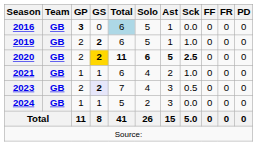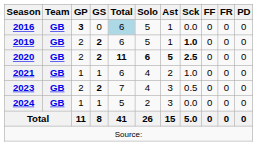 <table class="wikitable" style="text-align: center;">
 <tr>
 <th>Season</th>
 <th>Team</th>
 <th>GP</th>
 <th>GS</th>
 <th>Total</th>
 <th>Solo</th>
 <th>Ast</th>
 <th>Sck</th>
 <th>FF</th>
 <th>FR</th>
 <th>PD</th>
 </tr>
 <tr>
 <th><a href='#'>2016</a></th>
 <th><a href='#'>GB</a></th>
 <td><strong>3</strong></td>
 <td>0</td>
 <td style="background: lightblue;">6</td>
 <td>5</td>
 <td>1</td>
 <td>0.0</td>
 <td>0</td>
 <td>0</td>
 <td>0</td>
 </tr>
 <tr>
 <th><a href='#'>2019</a></th>
 <th><a href='#'>GB</a></th>
 <td>2</td>
 <td><strong>2</strong></td>
 <td>6</td>
 <td>5</td>
 <td>1</td>
-<td>1.0</td>
+<td><strong>1.0</strong></td>
 <td>0</td>
 <td>0</td>
 <td>0</td>
 </tr>
 <tr>
 <th><a href='#'>2020</a></th>
 <th><a href='#'>GB</a></th>
 <td>2</td>
-<td style="background: gold;"><strong>2</strong></td>
+<td><strong>2</strong></td>
 <td><strong>11</strong></td>
 <td><strong>6</strong></td>
 <td><strong>5</strong></td>
 <td><strong>2.5</strong></td>
 <td>0</td>
 <td>0</td>
 <td>0</td>
 </tr>
 <tr>
 <th><a href='#'>2021</a></th>
 <th><a href='#'>GB</a></th>
 <td>1</td>
 <td>1</td>
 <td>6</td>
 <td>4</td>
 <td>2</td>
 <td>1.0</td>
 <td>0</td>
 <td>0</td>
 <td>0</td>
 </tr>
 <tr>
 <th><a href='#'>2023</a></th>
 <th><a href='#'>GB</a></th>
 <td>2</td>
-<td style="background: lavender;"><strong>2</strong></td>
+<td><strong>2</strong></td>
 <td>7</td>
 <td>4</td>
 <td>3</td>
 <td>0.5</td>
 <td>0</td>
 <td>0</td>
 <td>0</td>
 </tr>
 <tr>
 <th><a href='#'>2024</a></th>
 <th><a href='#'>GB</a></th>
 <td>1</td>
 <td>1</td>
 <td>5</td>
 <td>2</td>
 <td>3</td>
 <td>0.0</td>
 <td>0</td>
 <td>0</td>
 <td>0</td>
 </tr>
 <tr>
 <th colspan="2">Total</th>
 <th>11</th>
 <th>8</th>
 <th>41</th>
 <th>26</th>
 <th>15</th>
 <th>5.0</th>
 <th>0</th>
 <th>0</th>
 <th>0</th>
 </tr>
 <tr>
 <td colspan="11"><small>Source: </small></td>
 </tr>
 </table>
